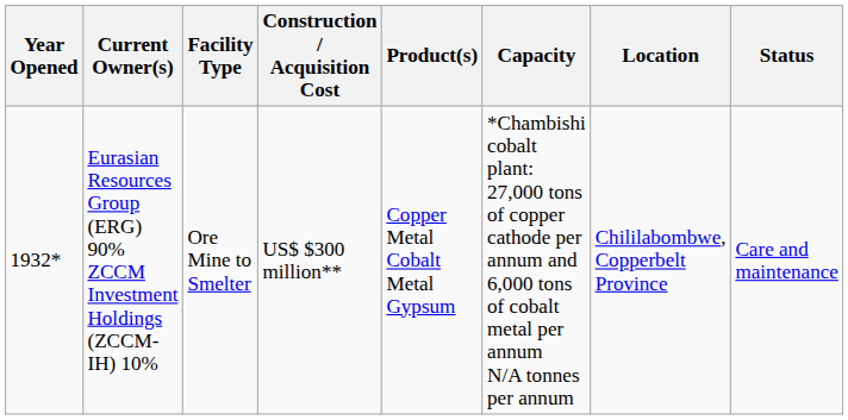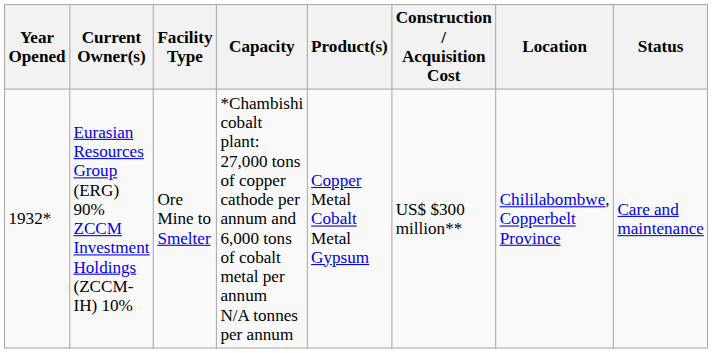 <table class="wikitable">
 <tr>
 <th>Year Opened</th>
 <th>Current Owner(s)</th>
 <th>Facility Type</th>
+<th>Capacity</th>
+<th>Product(s)</th>
 <th>Construction /<br>Acquisition Cost</th>
-<th>Product(s)</th>
-<th>Capacity</th>
 <th>Location</th>
 <th>Status</th>
 </tr>
 <tr>
 <td>1932*</td>
 <td><a href='#'>Eurasian Resources Group</a> (ERG) 90%<br><a href='#'>ZCCM Investment Holdings</a> (ZCCM-IH) 10%</td>
 <td>Ore Mine to<br><a href='#'>Smelter</a></td>
+<td>*Chambishi cobalt plant: 27,000 tons of copper cathode per annum and<br>6,000 tons of cobalt metal per annum<br>N/A tonnes per annum</td>
+<td><a href='#'>Copper</a> Metal<br><a href='#'>Cobalt</a> Metal<br><a href='#'>Gypsum</a></td>
 <td>US$ $300 million**</td>
-<td><a href='#'>Copper</a> Metal<br><a href='#'>Cobalt</a> Metal<br><a href='#'>Gypsum</a></td>
-<td>*Chambishi cobalt plant: 27,000 tons of copper cathode per annum and<br>6,000 tons of cobalt metal per annum<br>N/A tonnes per annum</td>
 <td><a href='#'>Chililabombwe</a>, <a href='#'>Copperbelt Province</a></td>
 <td><a href='#'>Care and maintenance</a></td>
 </tr>
 </table>
